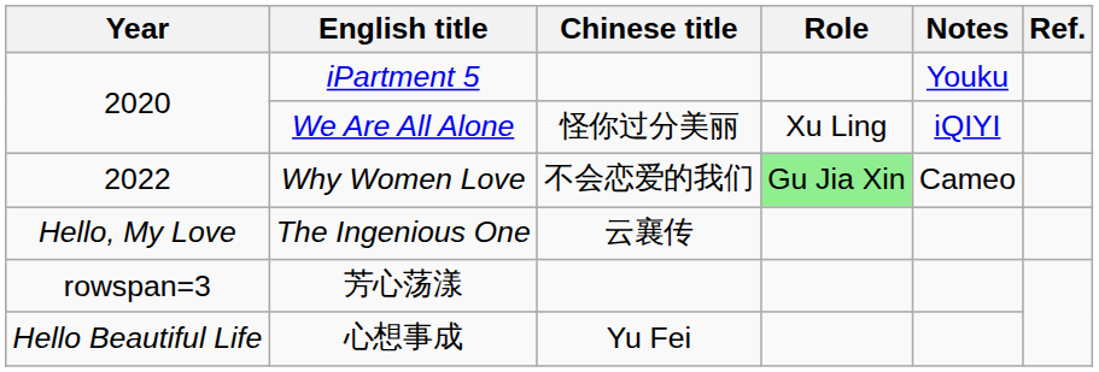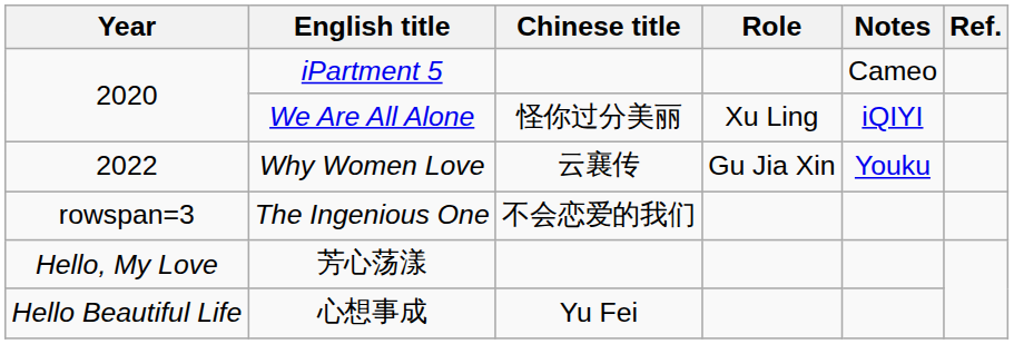 <table class="wikitable sortable plainrowheaders" style="text-align:center;">
 <tr>
 <th>Year</th>
 <th>English title</th>
 <th>Chinese title</th>
 <th>Role</th>
 <th>Notes</th>
 <th>Ref.</th>
 </tr>
 <tr>
 <td rowspan=2>2020</td>
 <td><em><a href='#'>iPartment 5</a></em></td>
 <td></td>
 <td></td>
-<td><a href='#'>Youku</a></td>
+<td>Cameo</td>
 <td></td>
 </tr>
 <tr>
 <td><em><a href='#'>We Are All Alone</a></em></td>
 <td>怪你过分美丽</td>
 <td>Xu Ling</td>
 <td><a href='#'>iQIYI</a></td>
 <td></td>
 </tr>
 <tr>
 <td>2022</td>
 <td><em>Why Women Love</em></td>
-<td>不会恋爱的我们</td>
-<td style="background: lightgreen;">Gu Jia Xin</td>
-<td>Cameo</td>
+<td>云襄传</td>
+<td>Gu Jia Xin</td>
+<td><a href='#'>Youku</a></td>
 <td></td>
 </tr>
 <tr>
-<td><em>Hello, My Love</em></td>
+<td>rowspan=3 </td>
 <td><em>The Ingenious One</em></td>
-<td>云襄传</td>
+<td>不会恋爱的我们</td>
 <td></td>
 <td></td>
 <td></td>
 </tr>
 <tr>
-<td>rowspan=3 </td>
+<td><em>Hello, My Love</em></td>
 <td>芳心荡漾</td>
 <td></td>
 <td></td>
 <td></td>
 </tr>
 <tr>
 <td><em>Hello Beautiful Life</em></td>
 <td>心想事成</td>
 <td>Yu Fei</td>
 <td></td>
 <td></td>
 </tr>
 </table>
